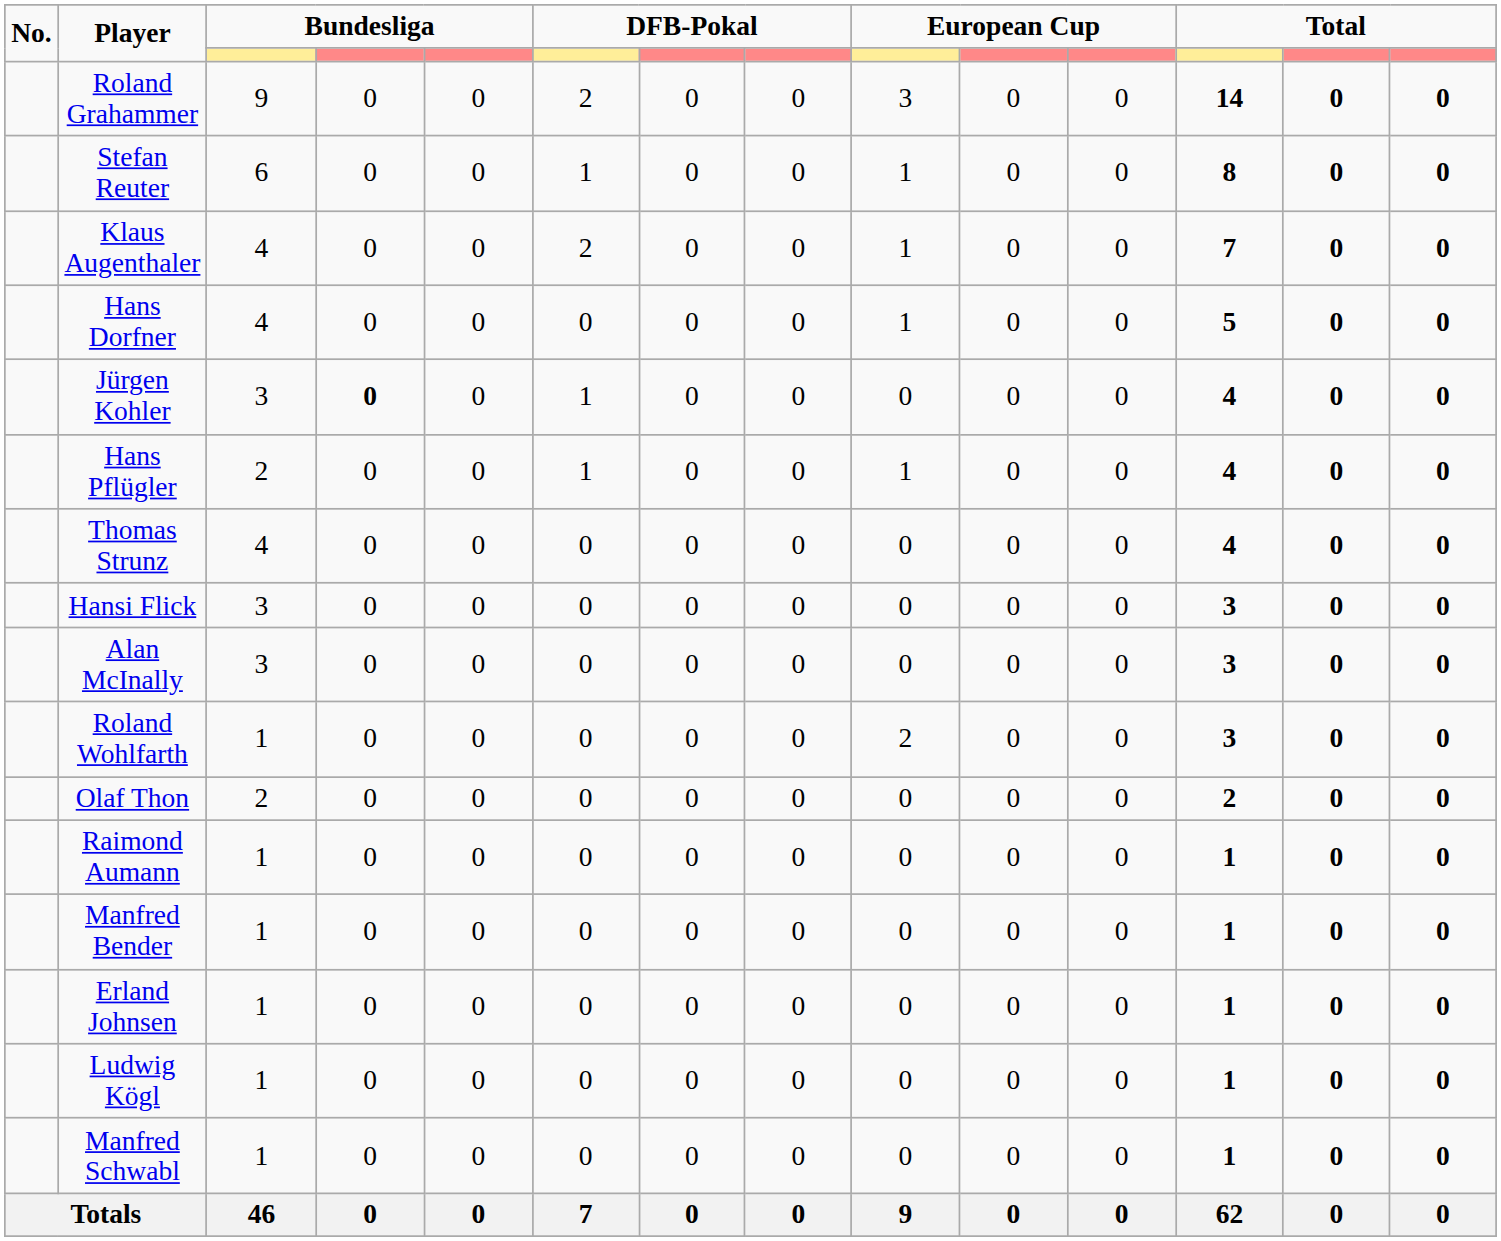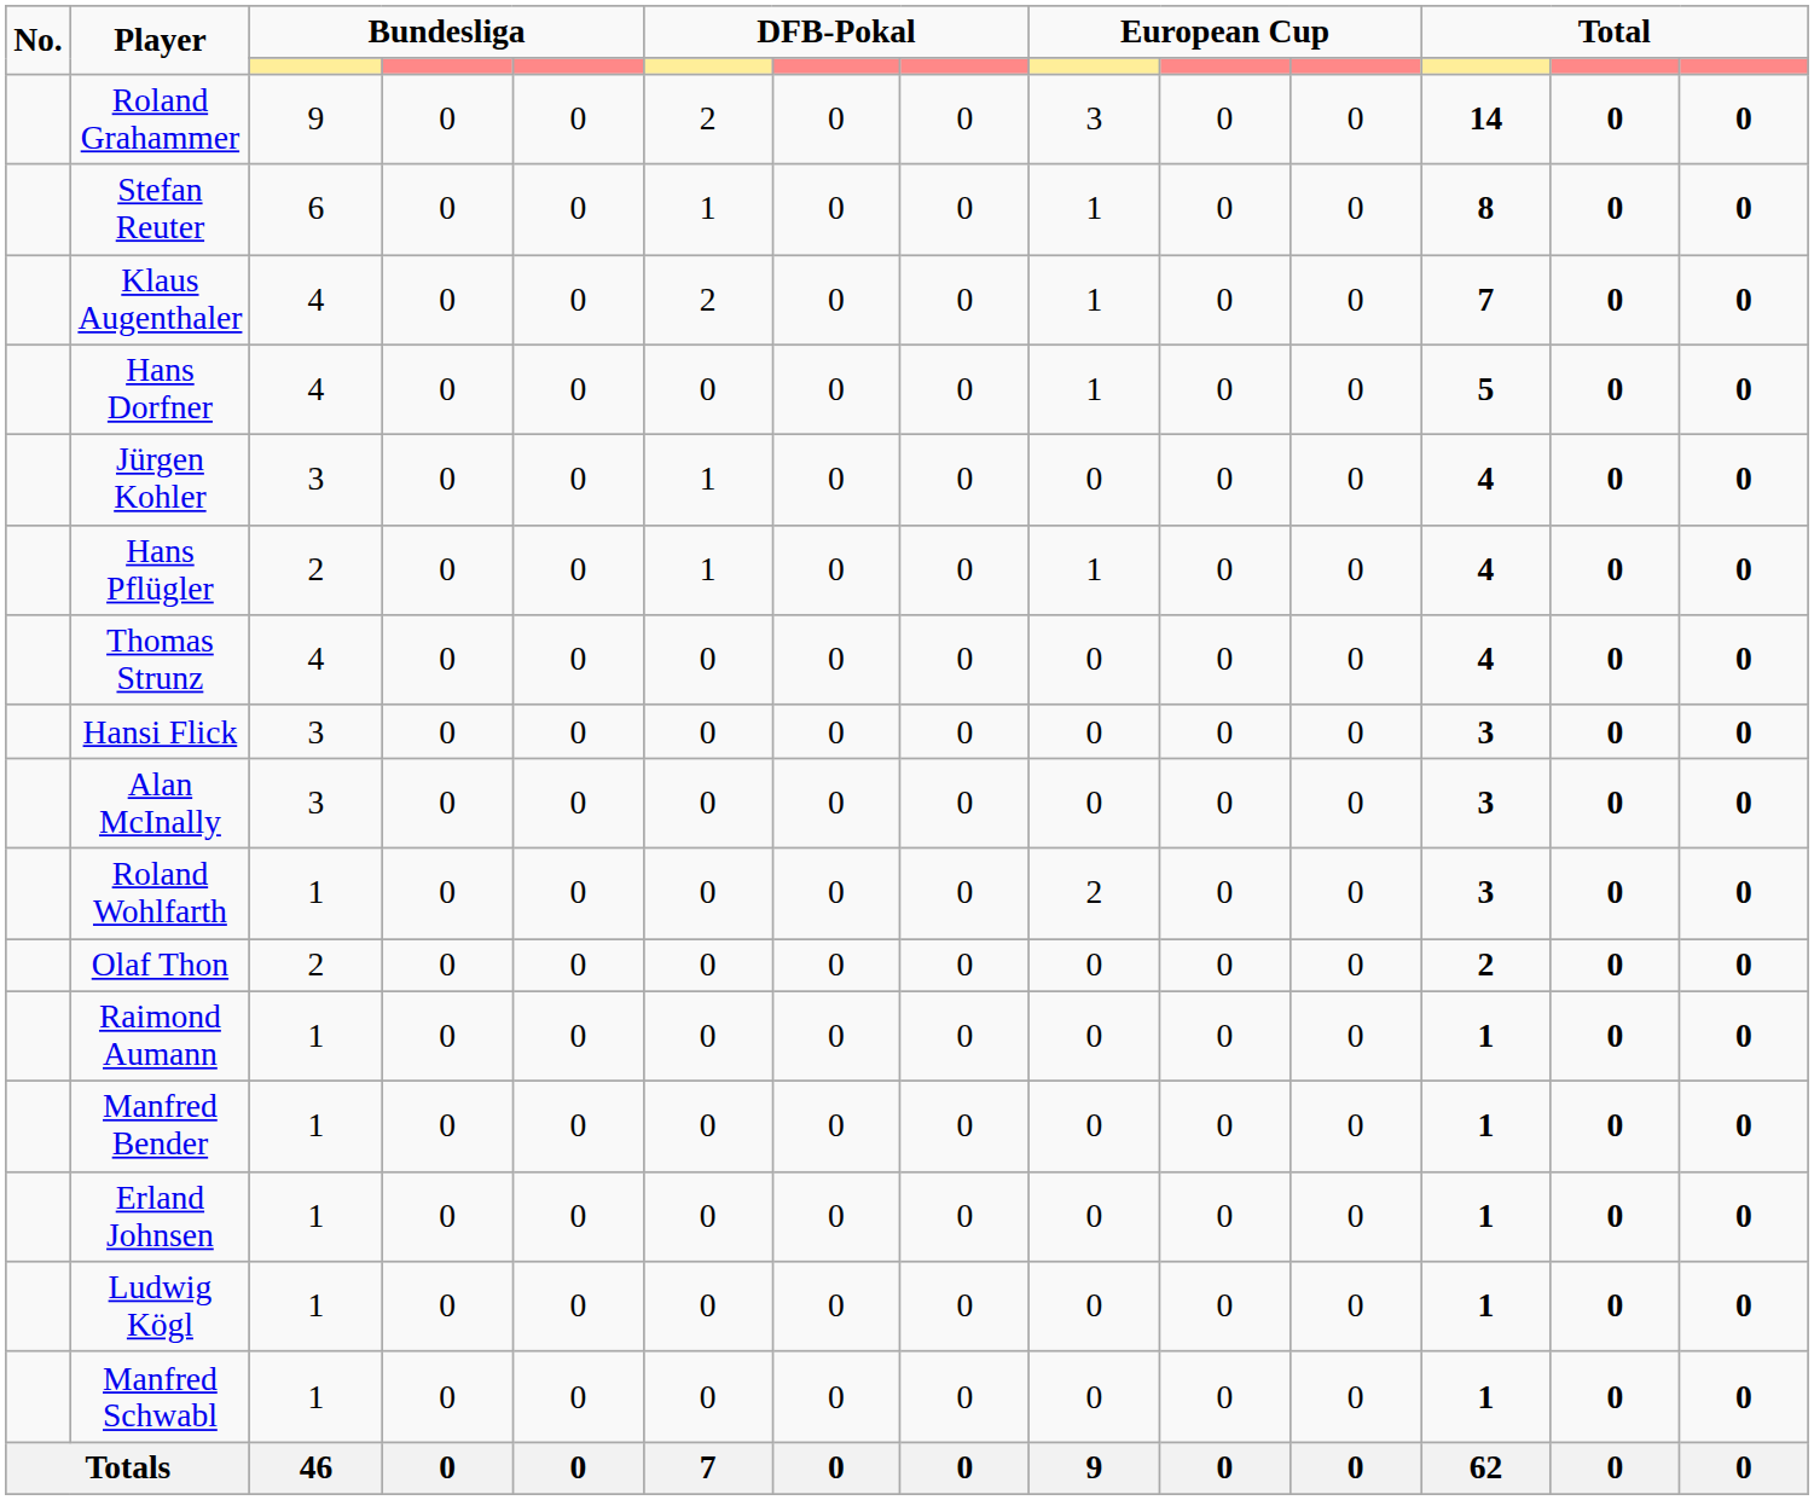 <table class="wikitable" style="text-align:center;">
 <tr style="text-align:center;">
 <td rowspan="2"><strong>No.</strong></td>
 <td rowspan="2"><strong>Player</strong></td>
 <td colspan="3"><strong>Bundesliga</strong></td>
 <td colspan="3"><strong>DFB-Pokal</strong></td>
 <td colspan="3"><strong>European Cup</strong></td>
 <td colspan="3"><strong>Total</strong></td>
 </tr>
 <tr>
 <th style="width:60px; background:#fe9;"></th>
 <th style="width:60px; background:#ff8888;"></th>
 <th style="width:60px; background:#ff8888;"></th>
 <th style="width:60px; background:#fe9;"></th>
 <th style="width:60px; background:#ff8888;"></th>
 <th style="width:60px; background:#ff8888;"></th>
 <th style="width:60px; background:#fe9;"></th>
 <th style="width:60px; background:#ff8888;"></th>
 <th style="width:60px; background:#ff8888;"></th>
 <th style="width:60px; background:#fe9;"></th>
 <th style="width:60px; background:#ff8888;"></th>
 <th style="width:60px; background:#ff8888;"></th>
 </tr>
 <tr>
 <td></td>
 <td><a href='#'>Roland Grahammer</a></td>
 <td>9</td>
 <td>0</td>
 <td>0</td>
 <td>2</td>
 <td>0</td>
 <td>0</td>
 <td>3</td>
 <td>0</td>
 <td>0</td>
 <td><strong>14</strong></td>
 <td><strong>0</strong></td>
 <td><strong>0</strong></td>
 </tr>
 <tr>
 <td></td>
 <td><a href='#'>Stefan Reuter</a></td>
 <td>6</td>
 <td>0</td>
 <td>0</td>
 <td>1</td>
 <td>0</td>
 <td>0</td>
 <td>1</td>
 <td>0</td>
 <td>0</td>
 <td><strong>8</strong></td>
 <td><strong>0</strong></td>
 <td><strong>0</strong></td>
 </tr>
 <tr>
 <td></td>
 <td><a href='#'>Klaus Augenthaler</a></td>
 <td>4</td>
 <td>0</td>
 <td>0</td>
 <td>2</td>
 <td>0</td>
 <td>0</td>
 <td>1</td>
 <td>0</td>
 <td>0</td>
 <td><strong>7</strong></td>
 <td><strong>0</strong></td>
 <td><strong>0</strong></td>
 </tr>
 <tr>
 <td></td>
 <td><a href='#'>Hans Dorfner</a></td>
 <td>4</td>
 <td>0</td>
 <td>0</td>
 <td>0</td>
 <td>0</td>
 <td>0</td>
 <td>1</td>
 <td>0</td>
 <td>0</td>
 <td><strong>5</strong></td>
 <td><strong>0</strong></td>
 <td><strong>0</strong></td>
 </tr>
 <tr>
 <td></td>
 <td><a href='#'>Jürgen Kohler</a></td>
 <td>3</td>
-<td><strong>0</strong></td>
+<td>0</td>
 <td>0</td>
 <td>1</td>
 <td>0</td>
 <td>0</td>
 <td>0</td>
 <td>0</td>
 <td>0</td>
 <td><strong>4</strong></td>
 <td><strong>0</strong></td>
 <td><strong>0</strong></td>
 </tr>
 <tr>
 <td></td>
 <td><a href='#'>Hans Pflügler</a></td>
 <td>2</td>
 <td>0</td>
 <td>0</td>
 <td>1</td>
 <td>0</td>
 <td>0</td>
 <td>1</td>
 <td>0</td>
 <td>0</td>
 <td><strong>4</strong></td>
 <td><strong>0</strong></td>
 <td><strong>0</strong></td>
 </tr>
 <tr>
 <td></td>
 <td><a href='#'>Thomas Strunz</a></td>
 <td>4</td>
 <td>0</td>
 <td>0</td>
 <td>0</td>
 <td>0</td>
 <td>0</td>
 <td>0</td>
 <td>0</td>
 <td>0</td>
 <td><strong>4</strong></td>
 <td><strong>0</strong></td>
 <td><strong>0</strong></td>
 </tr>
 <tr>
 <td></td>
 <td><a href='#'>Hansi Flick</a></td>
 <td>3</td>
 <td>0</td>
 <td>0</td>
 <td>0</td>
 <td>0</td>
 <td>0</td>
 <td>0</td>
 <td>0</td>
 <td>0</td>
 <td><strong>3</strong></td>
 <td><strong>0</strong></td>
 <td><strong>0</strong></td>
 </tr>
 <tr>
 <td></td>
 <td><a href='#'>Alan McInally</a></td>
 <td>3</td>
 <td>0</td>
 <td>0</td>
 <td>0</td>
 <td>0</td>
 <td>0</td>
 <td>0</td>
 <td>0</td>
 <td>0</td>
 <td><strong>3</strong></td>
 <td><strong>0</strong></td>
 <td><strong>0</strong></td>
 </tr>
 <tr>
 <td></td>
 <td><a href='#'>Roland Wohlfarth</a></td>
 <td>1</td>
 <td>0</td>
 <td>0</td>
 <td>0</td>
 <td>0</td>
 <td>0</td>
 <td>2</td>
 <td>0</td>
 <td>0</td>
 <td><strong>3</strong></td>
 <td><strong>0</strong></td>
 <td><strong>0</strong></td>
 </tr>
 <tr>
 <td></td>
 <td><a href='#'>Olaf Thon</a></td>
 <td>2</td>
 <td>0</td>
 <td>0</td>
 <td>0</td>
 <td>0</td>
 <td>0</td>
 <td>0</td>
 <td>0</td>
 <td>0</td>
 <td><strong>2</strong></td>
 <td><strong>0</strong></td>
 <td><strong>0</strong></td>
 </tr>
 <tr>
 <td></td>
 <td><a href='#'>Raimond Aumann</a></td>
 <td>1</td>
 <td>0</td>
 <td>0</td>
 <td>0</td>
 <td>0</td>
 <td>0</td>
 <td>0</td>
 <td>0</td>
 <td>0</td>
 <td><strong>1</strong></td>
 <td><strong>0</strong></td>
 <td><strong>0</strong></td>
 </tr>
 <tr>
 <td></td>
 <td><a href='#'>Manfred Bender</a></td>
 <td>1</td>
 <td>0</td>
 <td>0</td>
 <td>0</td>
 <td>0</td>
 <td>0</td>
 <td>0</td>
 <td>0</td>
 <td>0</td>
 <td><strong>1</strong></td>
 <td><strong>0</strong></td>
 <td><strong>0</strong></td>
 </tr>
 <tr>
 <td></td>
 <td><a href='#'>Erland Johnsen</a></td>
 <td>1</td>
 <td>0</td>
 <td>0</td>
 <td>0</td>
 <td>0</td>
 <td>0</td>
 <td>0</td>
 <td>0</td>
 <td>0</td>
 <td><strong>1</strong></td>
 <td><strong>0</strong></td>
 <td><strong>0</strong></td>
 </tr>
 <tr>
 <td></td>
 <td><a href='#'>Ludwig Kögl</a></td>
 <td>1</td>
 <td>0</td>
 <td>0</td>
 <td>0</td>
 <td>0</td>
 <td>0</td>
 <td>0</td>
 <td>0</td>
 <td>0</td>
 <td><strong>1</strong></td>
 <td><strong>0</strong></td>
 <td><strong>0</strong></td>
 </tr>
 <tr>
 <td></td>
 <td><a href='#'>Manfred Schwabl</a></td>
 <td>1</td>
 <td>0</td>
 <td>0</td>
 <td>0</td>
 <td>0</td>
 <td>0</td>
 <td>0</td>
 <td>0</td>
 <td>0</td>
 <td><strong>1</strong></td>
 <td><strong>0</strong></td>
 <td><strong>0</strong></td>
 </tr>
 <tr>
 <th colspan="2">Totals</th>
 <th>46</th>
 <th>0</th>
 <th>0</th>
 <th>7</th>
 <th>0</th>
 <th>0</th>
 <th>9</th>
 <th>0</th>
 <th>0</th>
 <th>62</th>
 <th>0</th>
 <th>0</th>
 </tr>
 <tr>
 </tr>
 </table>
